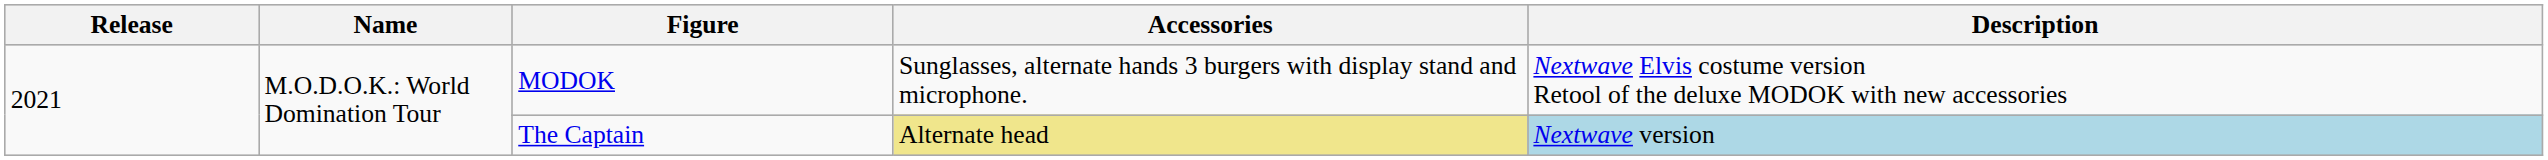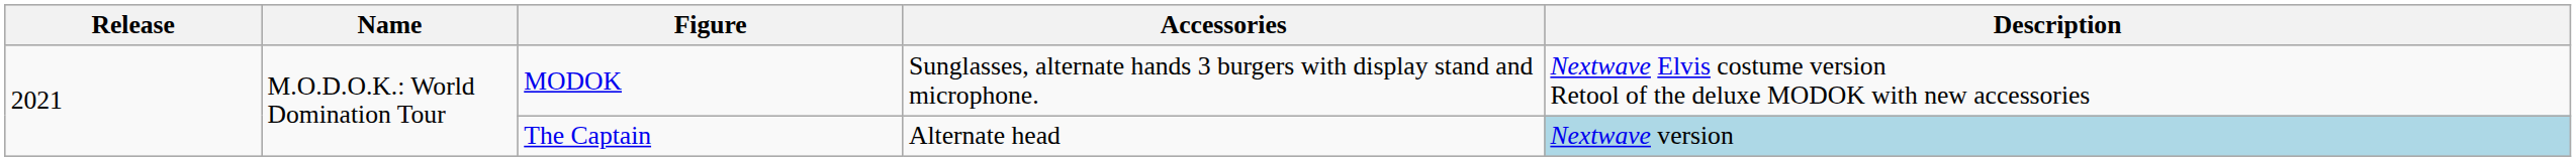 <table class="wikitable" style="width:80%;">
 <tr>
 <th width=10%>Release</th>
 <th width=10%>Name</th>
 <th width=15%>Figure</th>
 <th width=25%>Accessories</th>
 <th width=40%>Description</th>
 </tr>
 <tr>
 <td rowspan=2>2021</td>
 <td rowspan=2>M.O.D.O.K.: World Domination Tour</td>
 <td><a href='#'>MODOK</a></td>
 <td>Sunglasses, alternate hands 3 burgers with display stand and microphone.</td>
 <td><em><a href='#'>Nextwave</a></em> <a href='#'>Elvis</a> costume version<br>Retool of the deluxe MODOK with new accessories</td>
 </tr>
 <tr>
 <td><a href='#'>The Captain</a></td>
-<td style="background: khaki;">Alternate head</td>
+<td>Alternate head</td>
 <td style="background: lightblue;"><em><a href='#'>Nextwave</a></em> version</td>
 </tr>
 </table>
